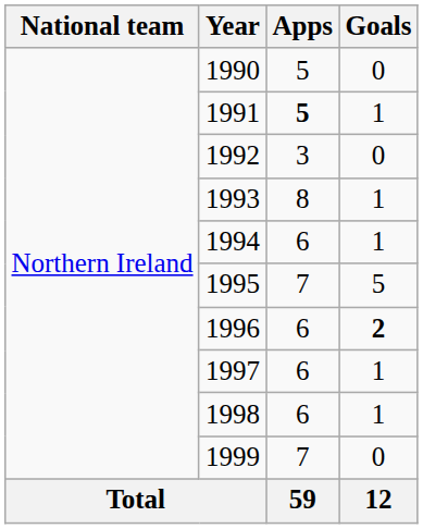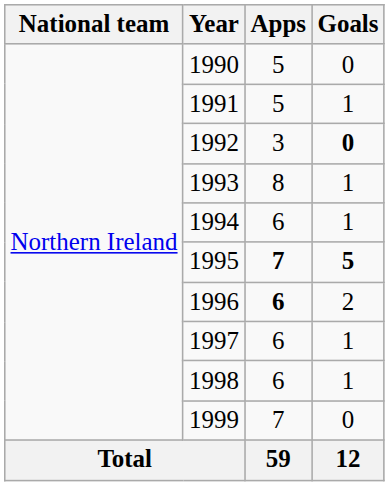 <table class=wikitable style=text-align:center>
 <tr>
 <th>National team</th>
 <th>Year</th>
 <th>Apps</th>
 <th>Goals</th>
 </tr>
 <tr>
 <td rowspan=10><a href='#'>Northern Ireland</a></td>
 <td>1990</td>
 <td>5</td>
 <td>0</td>
 </tr>
 <tr>
 <td>1991</td>
-<td><strong>5</strong></td>
+<td>5</td>
 <td>1</td>
 </tr>
 <tr>
 <td>1992</td>
 <td>3</td>
-<td>0</td>
+<td><strong>0</strong></td>
 </tr>
 <tr>
 <td>1993</td>
 <td>8</td>
 <td>1</td>
 </tr>
 <tr>
 <td>1994</td>
 <td>6</td>
 <td>1</td>
 </tr>
 <tr>
 <td>1995</td>
-<td>7</td>
-<td>5</td>
+<td><strong>7</strong></td>
+<td><strong>5</strong></td>
 </tr>
 <tr>
 <td>1996</td>
-<td>6</td>
-<td><strong>2</strong></td>
+<td><strong>6</strong></td>
+<td>2</td>
 </tr>
 <tr>
 <td>1997</td>
 <td>6</td>
 <td>1</td>
 </tr>
 <tr>
 <td>1998</td>
 <td>6</td>
 <td>1</td>
 </tr>
 <tr>
 <td>1999</td>
 <td>7</td>
 <td>0</td>
 </tr>
 <tr>
 <th colspan=2>Total</th>
 <th>59</th>
 <th>12</th>
 </tr>
 </table>
